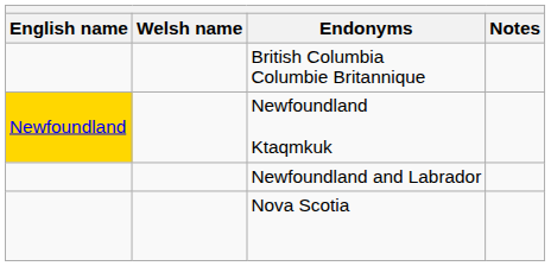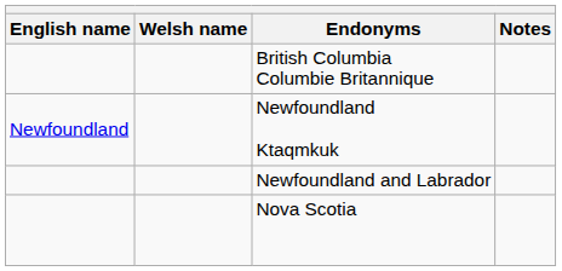 <table class="wikitable sortable">
 <tr>
 <th colspan="5"></th>
 </tr>
 <tr>
 <th>English name</th>
 <th>Welsh name</th>
 <th>Endonyms</th>
 <th>Notes</th>
 </tr>
 <tr>
 <td></td>
 <td></td>
 <td>British Columbia<br>Columbie Britannique</td>
 <td></td>
 </tr>
 <tr>
-<td style="background: gold;"><a href='#'>Newfoundland</a></td>
+<td><a href='#'>Newfoundland</a></td>
 <td></td>
 <td>Newfoundland<br><br>Ktaqmkuk</td>
 <td></td>
 </tr>
 <tr>
 <td></td>
 <td></td>
 <td>Newfoundland and Labrador<br></td>
 <td></td>
 </tr>
 <tr>
 <td></td>
 <td></td>
 <td>Nova Scotia<br><br><br></td>
 <td></td>
 </tr>
 </table>
